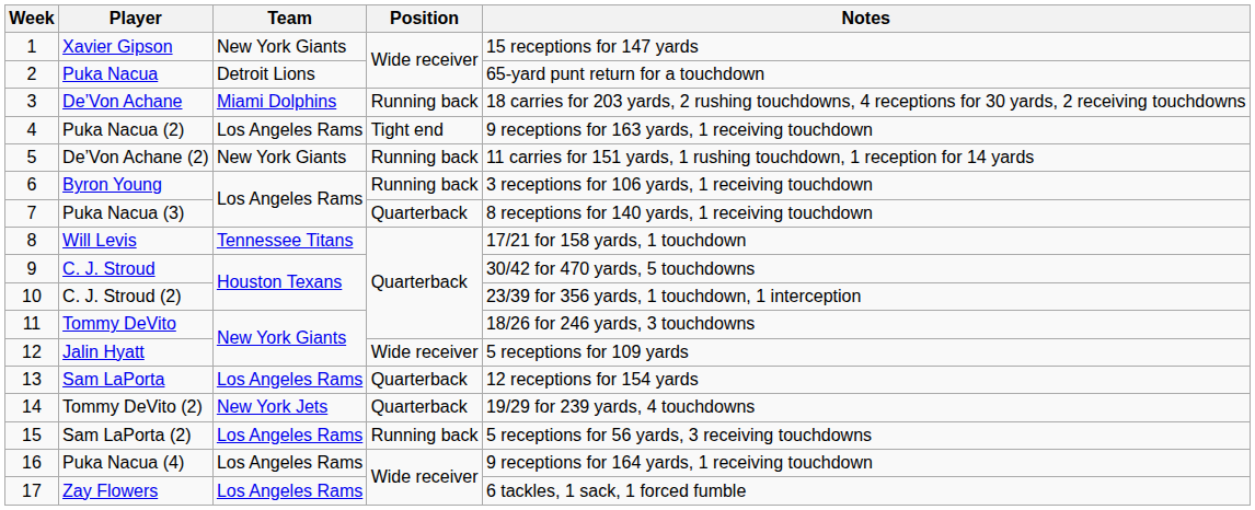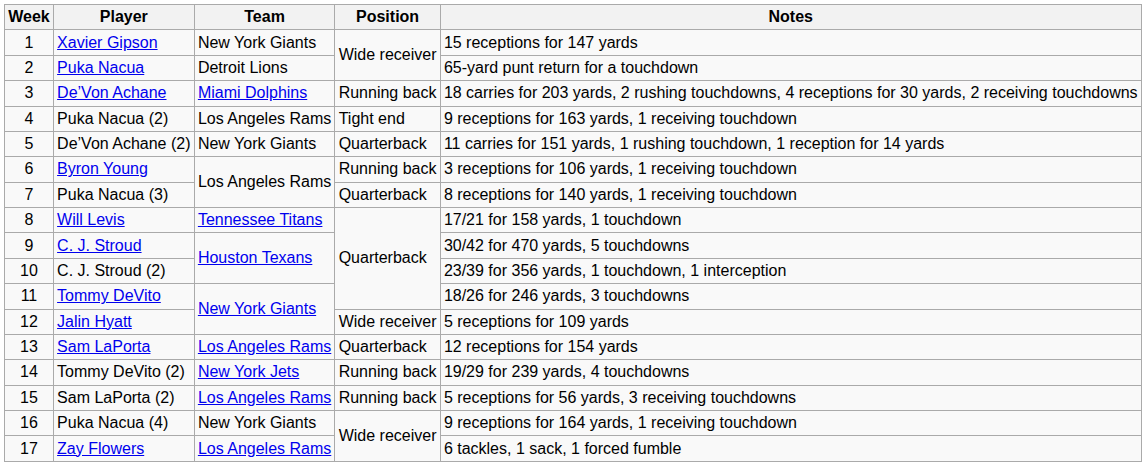 <table class="wikitable sortable">
 <tr>
 <th>Week</th>
 <th>Player</th>
 <th>Team</th>
 <th>Position</th>
 <th>Notes</th>
 </tr>
 <tr>
 <td align=center>1</td>
 <td><a href='#'>Xavier Gipson</a></td>
 <td>New York Giants</td>
 <td rowspan="2”">Wide receiver</td>
 <td>15 receptions for 147 yards</td>
 </tr>
 <tr>
 <td align=center>2</td>
 <td><a href='#'>Puka Nacua</a></td>
 <td>Detroit Lions</td>
 <td>65-yard punt return for a touchdown</td>
 </tr>
 <tr>
 <td align=center>3</td>
 <td><a href='#'>De’Von Achane</a></td>
 <td><a href='#'>Miami Dolphins</a></td>
 <td>Running back</td>
 <td>18 carries for 203 yards, 2 rushing touchdowns, 4 receptions for 30 yards, 2 receiving touchdowns</td>
 </tr>
 <tr>
 <td align=center>4</td>
 <td>Puka Nacua (2)</td>
 <td>Los Angeles Rams</td>
 <td>Tight end</td>
 <td>9 receptions for 163 yards, 1 receiving touchdown</td>
 </tr>
 <tr>
 <td align=center>5</td>
 <td>De’Von Achane (2)</td>
 <td>New York Giants</td>
-<td>Running back</td>
+<td>Quarterback</td>
 <td>11 carries for 151 yards, 1 rushing touchdown, 1 reception for 14 yards</td>
 </tr>
 <tr>
 <td align=center>6</td>
 <td><a href='#'>Byron Young</a></td>
 <td rowspan="2">Los Angeles Rams</td>
 <td>Running back</td>
 <td>3 receptions for 106 yards, 1 receiving touchdown</td>
 </tr>
 <tr>
 <td align=center>7</td>
 <td>Puka Nacua (3)</td>
 <td>Quarterback</td>
 <td>8 receptions for 140 yards, 1 receiving touchdown</td>
 </tr>
 <tr>
 <td align=center>8</td>
 <td><a href='#'>Will Levis</a></td>
 <td><a href='#'>Tennessee Titans</a></td>
 <td rowspan="4">Quarterback</td>
 <td>17/21 for 158 yards, 1 touchdown</td>
 </tr>
 <tr>
 <td align=center>9</td>
 <td><a href='#'>C. J. Stroud</a></td>
 <td rowspan="2"><a href='#'>Houston Texans</a></td>
 <td>30/42 for 470 yards, 5 touchdowns</td>
 </tr>
 <tr>
 <td align=center>10</td>
 <td>C. J. Stroud (2)</td>
 <td>23/39 for 356 yards, 1 touchdown, 1 interception</td>
 </tr>
 <tr>
 <td align=center>11</td>
 <td><a href='#'>Tommy DeVito</a></td>
 <td rowspan="2"><a href='#'>New York Giants</a></td>
 <td>18/26 for 246 yards, 3 touchdowns</td>
 </tr>
 <tr>
 <td align=center>12</td>
 <td><a href='#'>Jalin Hyatt</a></td>
 <td>Wide receiver</td>
 <td>5 receptions for 109 yards</td>
 </tr>
 <tr>
 <td align=center>13</td>
 <td><a href='#'>Sam LaPorta</a></td>
 <td><a href='#'>Los Angeles Rams</a></td>
 <td>Quarterback</td>
 <td>12 receptions for 154 yards</td>
 </tr>
 <tr>
 <td align=center>14</td>
 <td>Tommy DeVito (2)</td>
 <td><a href='#'>New York Jets</a></td>
-<td>Quarterback</td>
+<td>Running back</td>
 <td>19/29 for 239 yards, 4 touchdowns</td>
 </tr>
 <tr>
 <td align=center>15</td>
 <td>Sam LaPorta (2)</td>
 <td><a href='#'>Los Angeles Rams</a></td>
 <td>Running back</td>
 <td>5 receptions for 56 yards, 3 receiving touchdowns</td>
 </tr>
 <tr>
 <td align=center>16</td>
 <td>Puka Nacua (4)</td>
-<td>Los Angeles Rams</td>
+<td>New York Giants</td>
 <td rowspan="2">Wide receiver</td>
 <td>9 receptions for 164 yards, 1 receiving touchdown</td>
 </tr>
 <tr>
 <td align=center>17</td>
 <td><a href='#'>Zay Flowers</a></td>
 <td><a href='#'>Los Angeles Rams</a></td>
 <td>6 tackles, 1 sack, 1 forced fumble</td>
 </tr>
 </table>
